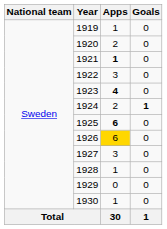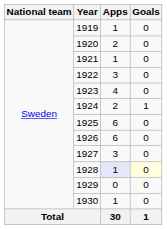 <table class="wikitable" style="text-align:center">
 <tr>
 <th>National team</th>
 <th>Year</th>
 <th>Apps</th>
 <th>Goals</th>
 </tr>
 <tr>
 <td rowspan="12"><a href='#'>Sweden</a></td>
 <td>1919</td>
 <td>1</td>
 <td>0</td>
 </tr>
 <tr>
 <td>1920</td>
 <td>2</td>
 <td>0</td>
 </tr>
 <tr>
 <td>1921</td>
-<td><strong>1</strong></td>
+<td>1</td>
 <td>0</td>
 </tr>
 <tr>
 <td>1922</td>
 <td>3</td>
 <td>0</td>
 </tr>
 <tr>
 <td>1923</td>
-<td><strong>4</strong></td>
+<td>4</td>
 <td>0</td>
 </tr>
 <tr>
 <td>1924</td>
 <td>2</td>
-<td><strong>1</strong></td>
+<td>1</td>
 </tr>
 <tr>
 <td>1925</td>
-<td><strong>6</strong></td>
+<td>6</td>
 <td>0</td>
 </tr>
 <tr>
 <td>1926</td>
-<td style="background: gold;">6</td>
+<td>6</td>
 <td>0</td>
 </tr>
 <tr>
 <td>1927</td>
 <td>3</td>
 <td>0</td>
 </tr>
 <tr>
 <td>1928</td>
-<td>1</td>
-<td>0</td>
+<td style="background: lavender;">1</td>
+<td style="background: lightyellow;">0</td>
 </tr>
 <tr>
 <td>1929</td>
 <td>0</td>
 <td>0</td>
 </tr>
 <tr>
 <td>1930</td>
 <td>1</td>
 <td>0</td>
 </tr>
 <tr>
 <th colspan="2">Total</th>
 <th>30</th>
 <th>1</th>
 </tr>
 </table>
